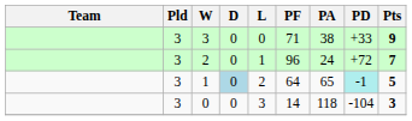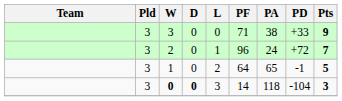 <table class="wikitable" style="text-align:center;">
 <tr>
 <th width=175>Team</th>
 <th width=25 abbr="Played">Pld</th>
 <th width=25 abbr="Won">W</th>
 <th width=25 abbr="Drawn">D</th>
 <th width=25 abbr="Lost">L</th>
 <th width=32 abbr="Points for">PF</th>
 <th width=32 abbr="Points against">PA</th>
 <th width=32 abbr="Points difference">PD</th>
 <th width=25 abbr="Points">Pts</th>
 </tr>
 <tr bgcolor="#ccffcc">
 <td align=left></td>
 <td>3</td>
 <td>3</td>
 <td>0</td>
 <td>0</td>
 <td>71</td>
 <td>38</td>
 <td>+33</td>
 <td><strong>9</strong></td>
 </tr>
 <tr bgcolor="#ccffcc">
 <td align=left></td>
 <td>3</td>
 <td>2</td>
 <td>0</td>
 <td>1</td>
 <td>96</td>
 <td>24</td>
 <td>+72</td>
 <td><strong>7</strong></td>
 </tr>
 <tr>
 <td align=left></td>
 <td>3</td>
 <td>1</td>
-<td style="background: lightblue;">0</td>
+<td>0</td>
 <td>2</td>
 <td>64</td>
 <td>65</td>
-<td style="background: paleturquoise;">-1</td>
+<td>-1</td>
 <td><strong>5</strong></td>
 </tr>
 <tr>
 <td align=left></td>
 <td>3</td>
-<td>0</td>
-<td>0</td>
+<td><strong>0</strong></td>
+<td><strong>0</strong></td>
 <td>3</td>
 <td>14</td>
 <td>118</td>
 <td>-104</td>
 <td><strong>3</strong></td>
 </tr>
 <tr>
 </tr>
 </table>
